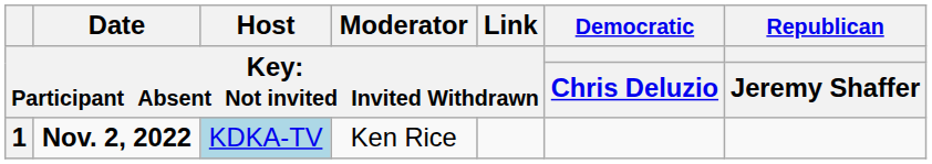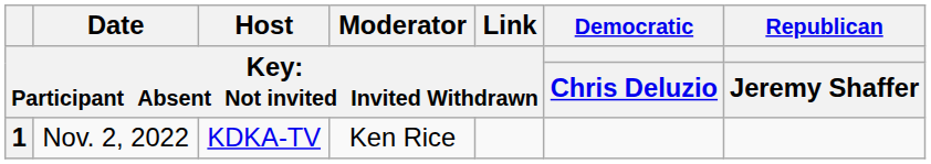 <table class="wikitable" style="text-align:center;">
 <tr>
 <th scope="col"></th>
 <th scope="col">Date</th>
 <th scope="col">Host</th>
 <th scope="col">Moderator</th>
 <th scope="col">Link</th>
 <th scope="col"><small><a href='#'>Democratic</a></small></th>
 <th scope="col"><small><a href='#'>Republican</a></small></th>
 </tr>
 <tr>
 <th colspan="5" rowspan="2">Key:<br> <small>Participant </small>  <small>Absent </small>  <small>Not invited </small>  <small>Invited  Withdrawn</small></th>
 <th scope="col" style="background:"></th>
 <th scope="col" style="background:"></th>
 </tr>
 <tr>
 <th scope="col"><a href='#'>Chris Deluzio</a></th>
 <th scope="col">Jeremy Shaffer</th>
 </tr>
 <tr>
 <th>1</th>
-<td style="white-space:nowrap;"><strong>Nov. 2, 2022</strong></td>
-<td style="background: lightblue; white-space:nowrap;"><a href='#'>KDKA-TV</a></td>
+<td style="white-space:nowrap;">Nov. 2, 2022</td>
+<td style="white-space:nowrap;"><a href='#'>KDKA-TV</a></td>
 <td style="white-space:nowrap;">Ken Rice</td>
 <td style="white-space:nowrap;"></td>
 <td></td>
 <td></td>
 </tr>
 </table>
